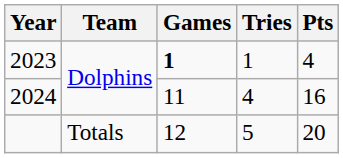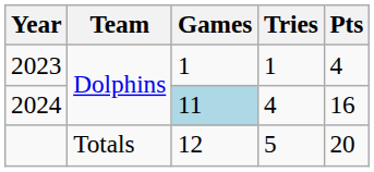 <table class="wikitable">
 <tr>
 <th>Year</th>
 <th>Team</th>
 <th>Games</th>
 <th>Tries</th>
 <th>Pts</th>
 </tr>
 <tr>
 <td>2023</td>
 <td rowspan="2"> <a href='#'>Dolphins</a></td>
-<td><strong>1</strong></td>
+<td>1</td>
 <td>1</td>
 <td>4</td>
 </tr>
 <tr>
 <td>2024</td>
-<td>11</td>
+<td style="background: lightblue;">11</td>
 <td>4</td>
 <td>16</td>
 </tr>
 <tr>
 <td></td>
 <td>Totals</td>
 <td>12</td>
 <td>5</td>
 <td>20</td>
 </tr>
 </table>
